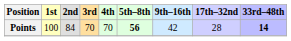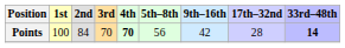 <table class="wikitable" style="font-size: 85%; text-align:center">
 <tr>
 <th>Position</th>
 <th style="background-color:#ffffbf">1st</th>
 <th style="background-color:#dfdfdf">2nd</th>
 <th style="background-color:#ffdf9f">3rd</th>
 <th style="background-color:#dfffdf">4th</th>
 <th style="background-color:#dfffdf">5th–8th</th>
 <th style="background-color:#cfeaff">9th–16th</th>
 <th style="background-color:#cfcfff">17th–32nd</th>
 <th style="background-color:#bcbcff">33rd–48th</th>
 </tr>
 <tr>
 <th>Points</th>
 <td style="background-color:#ffffbf">100</td>
 <td style="background-color:#dfdfdf">84</td>
 <td style="background-color:#ffdf9f">70</td>
-<td style="background-color:#dfffdf">70</td>
-<td style="background-color:#dfffdf"><strong>56</strong></td>
+<td style="background-color:#dfffdf"><strong>70</strong></td>
+<td style="background-color:#dfffdf">56</td>
 <td style="background-color:#cfeaff">42</td>
 <td style="background-color:#cfcfff">28</td>
 <td style="background-color:#bcbcff"><strong>14</strong></td>
 </tr>
 <tr>
 </tr>
 </table>
